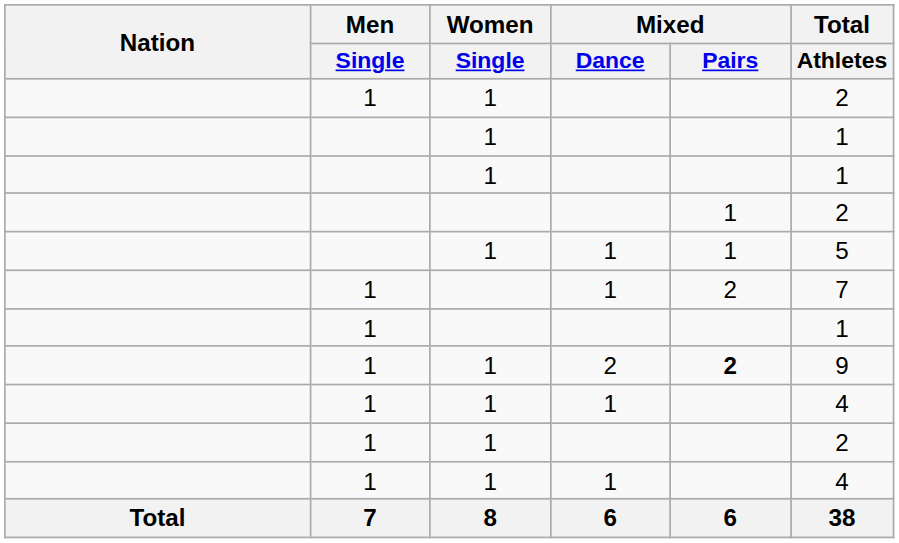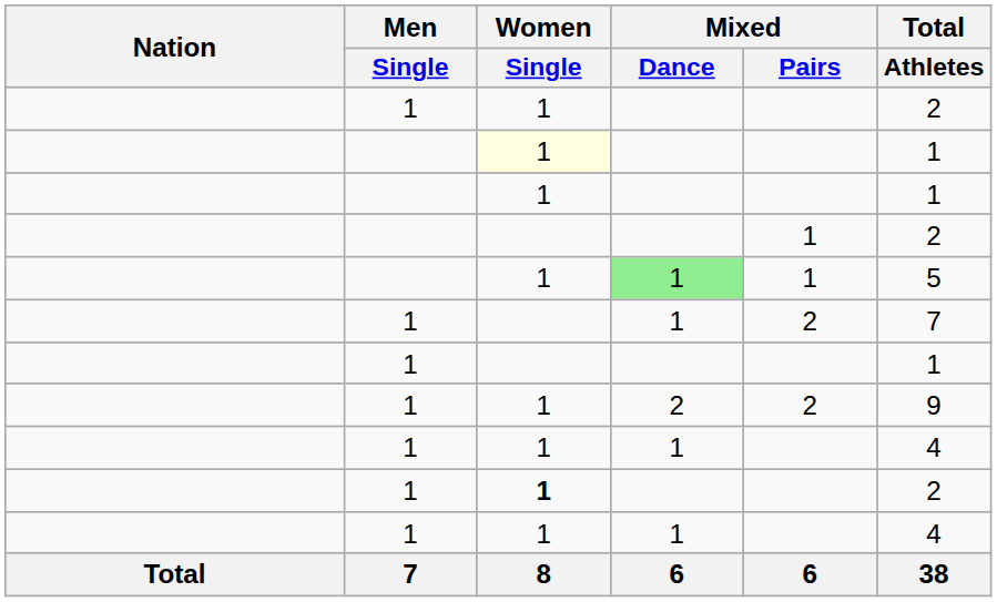 <table class="wikitable" style="text-align:center; font-size:90%" width=530>
 <tr>
 <th rowspan="2" style="text-align:center;">Nation</th>
 <th>Men</th>
 <th>Women</th>
 <th colspan="2">Mixed</th>
 <th>Total</th>
 </tr>
 <tr style="font-size: 95%;">
 <th width=65><a href='#'>Single</a></th>
 <th width=65><a href='#'>Single</a></th>
 <th width=65><a href='#'>Dance</a></th>
 <th width=65><a href='#'>Pairs</a></th>
 <th width=55>Athletes</th>
 </tr>
 <tr>
 <td style="text-align:left"></td>
 <td>1</td>
 <td>1</td>
 <td></td>
 <td></td>
 <td>2</td>
 </tr>
 <tr>
 <td style="text-align:left"></td>
 <td></td>
-<td>1</td>
+<td style="background: lightyellow;">1</td>
 <td></td>
 <td></td>
 <td>1</td>
 </tr>
 <tr>
 <td style="text-align:left"></td>
 <td></td>
 <td>1</td>
 <td></td>
 <td></td>
 <td>1</td>
 </tr>
 <tr>
 <td style="text-align:left"></td>
 <td></td>
 <td></td>
 <td></td>
 <td>1</td>
 <td>2</td>
 </tr>
 <tr>
 <td style="text-align:left"></td>
 <td></td>
 <td>1</td>
-<td>1</td>
+<td style="background: lightgreen;">1</td>
 <td>1</td>
 <td>5</td>
 </tr>
 <tr>
 <td style="text-align:left"></td>
 <td>1</td>
 <td></td>
 <td>1</td>
 <td>2</td>
 <td>7</td>
 </tr>
 <tr>
 <td style="text-align:left"></td>
 <td>1</td>
 <td></td>
 <td></td>
 <td></td>
 <td>1</td>
 </tr>
 <tr>
 <td style="text-align:left"></td>
 <td>1</td>
 <td>1</td>
 <td>2</td>
-<td><strong>2</strong></td>
+<td>2</td>
 <td>9</td>
 </tr>
 <tr>
 <td style="text-align:left"></td>
 <td>1</td>
 <td>1</td>
 <td>1</td>
 <td></td>
 <td>4</td>
 </tr>
 <tr>
 <td style="text-align:left"></td>
 <td>1</td>
-<td>1</td>
+<td><strong>1</strong></td>
 <td></td>
 <td></td>
 <td>2</td>
 </tr>
 <tr>
 <td style="text-align:left"></td>
 <td>1</td>
 <td>1</td>
 <td>1</td>
 <td></td>
 <td>4</td>
 </tr>
 <tr>
 <th>Total</th>
 <th>7</th>
 <th>8</th>
 <th>6</th>
 <th>6</th>
 <th>38</th>
 </tr>
 </table>
